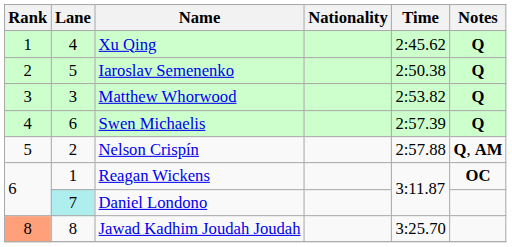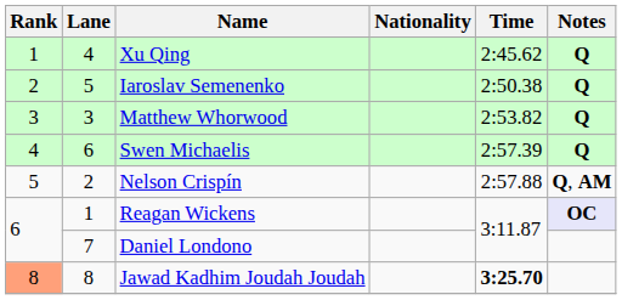 <table class="wikitable">
 <tr>
 <th>Rank</th>
 <th>Lane</th>
 <th>Name</th>
 <th>Nationality</th>
 <th>Time</th>
 <th>Notes</th>
 </tr>
 <tr bgcolor=ccffcc>
 <td align=center>1</td>
 <td align=center>4</td>
 <td><a href='#'>Xu Qing</a></td>
 <td></td>
 <td align=center>2:45.62</td>
 <td align=center><strong>Q</strong></td>
 </tr>
 <tr bgcolor=ccffcc>
 <td align=center>2</td>
 <td align=center>5</td>
 <td><a href='#'>Iaroslav Semenenko</a></td>
 <td></td>
 <td align=center>2:50.38</td>
 <td align=center><strong>Q</strong></td>
 </tr>
 <tr bgcolor=ccffcc>
 <td align=center>3</td>
 <td align=center>3</td>
 <td><a href='#'>Matthew Whorwood</a></td>
 <td></td>
 <td align=center>2:53.82</td>
 <td align=center><strong>Q</strong></td>
 </tr>
 <tr bgcolor=ccffcc>
 <td align=center>4</td>
 <td align=center>6</td>
 <td><a href='#'>Swen Michaelis</a></td>
 <td></td>
 <td align=center>2:57.39</td>
 <td align=center><strong>Q</strong></td>
 </tr>
 <tr -bgcolor=ccffcc>
 <td align=center>5</td>
 <td align=center>2</td>
 <td><a href='#'>Nelson Crispín</a></td>
 <td></td>
 <td align=center>2:57.88</td>
 <td align=center><strong>Q</strong>, <strong>AM</strong></td>
 </tr>
 <tr>
 <td rowspan=2>6</td>
 <td align=center>1</td>
 <td><a href='#'>Reagan Wickens</a></td>
 <td></td>
 <td rowspan=2>3:11.87</td>
-<td align=center><strong>OC</strong></td>
+<td align=center style="background: lavender;"><strong>OC</strong></td>
 </tr>
 <tr>
-<td align=center style="background: paleturquoise;">7</td>
+<td align=center>7</td>
 <td><a href='#'>Daniel Londono</a></td>
 <td></td>
 <td align=center></td>
 </tr>
 <tr>
 <td align=center style="background: lightsalmon;">8</td>
 <td align=center>8</td>
 <td><a href='#'>Jawad Kadhim Joudah Joudah</a></td>
 <td></td>
-<td align=center>3:25.70</td>
+<td align=center><strong>3:25.70</strong></td>
 <td align=center></td>
 </tr>
 <tr>
 </tr>
 </table>
